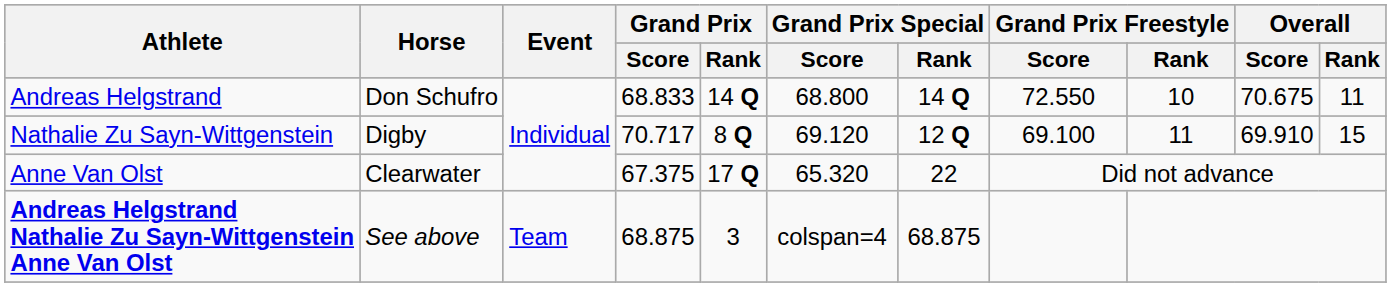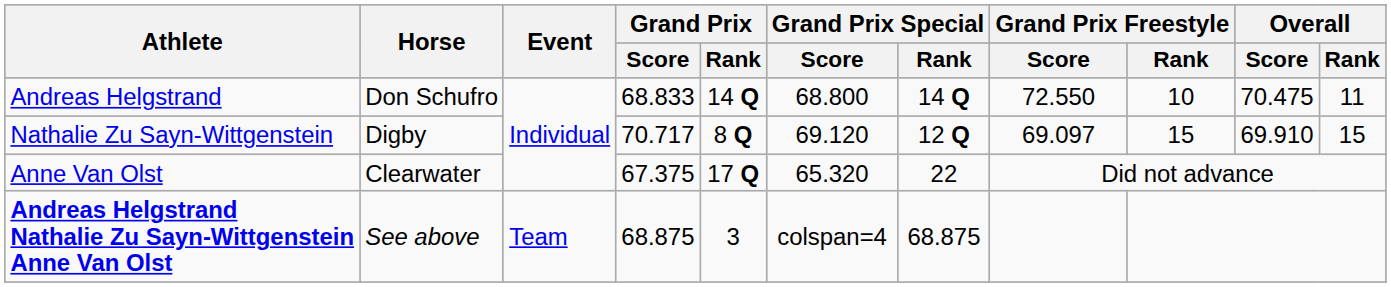 <table class=wikitable style="font-size:90%">
 <tr>
 <th rowspan="2">Athlete</th>
 <th rowspan="2">Horse</th>
 <th rowspan="2">Event</th>
 <th colspan="2">Grand Prix</th>
 <th colspan="2">Grand Prix Special</th>
 <th colspan="2">Grand Prix Freestyle</th>
 <th colspan="2">Overall</th>
 </tr>
 <tr style="font-size:95%">
 <th>Score</th>
 <th>Rank</th>
 <th>Score</th>
 <th>Rank</th>
 <th>Score</th>
 <th>Rank</th>
 <th>Score</th>
 <th>Rank</th>
 </tr>
 <tr align=center>
 <td align=left><a href='#'>Andreas Helgstrand</a></td>
 <td align=left>Don Schufro</td>
 <td align=left rowspan=3><a href='#'>Individual</a></td>
 <td>68.833</td>
 <td>14 <strong>Q</strong></td>
 <td>68.800</td>
 <td>14 <strong>Q</strong></td>
 <td>72.550</td>
 <td>10</td>
-<td>70.675</td>
+<td>70.475</td>
 <td>11</td>
 </tr>
 <tr align=center>
 <td align=left><a href='#'>Nathalie Zu Sayn-Wittgenstein</a></td>
 <td align=left>Digby</td>
 <td>70.717</td>
 <td>8 <strong>Q</strong></td>
 <td>69.120</td>
 <td>12 <strong>Q</strong></td>
-<td>69.100</td>
-<td>11</td>
+<td>69.097</td>
+<td>15</td>
 <td>69.910</td>
 <td>15</td>
 </tr>
 <tr align=center>
 <td align=left><a href='#'>Anne Van Olst</a></td>
 <td align=left>Clearwater</td>
 <td>67.375</td>
 <td>17 <strong>Q</strong></td>
 <td>65.320</td>
 <td>22</td>
 <td colspan=4>Did not advance</td>
 </tr>
 <tr align=center>
 <td align=left><strong><a href='#'>Andreas Helgstrand</a><br><a href='#'>Nathalie Zu Sayn-Wittgenstein</a><br><a href='#'>Anne Van Olst</a></strong></td>
 <td align=left><em>See above</em></td>
 <td align=left><a href='#'>Team</a></td>
 <td>68.875</td>
 <td>3</td>
 <td>colspan=4 </td>
 <td>68.875</td>
 <td></td>
 </tr>
 </table>
